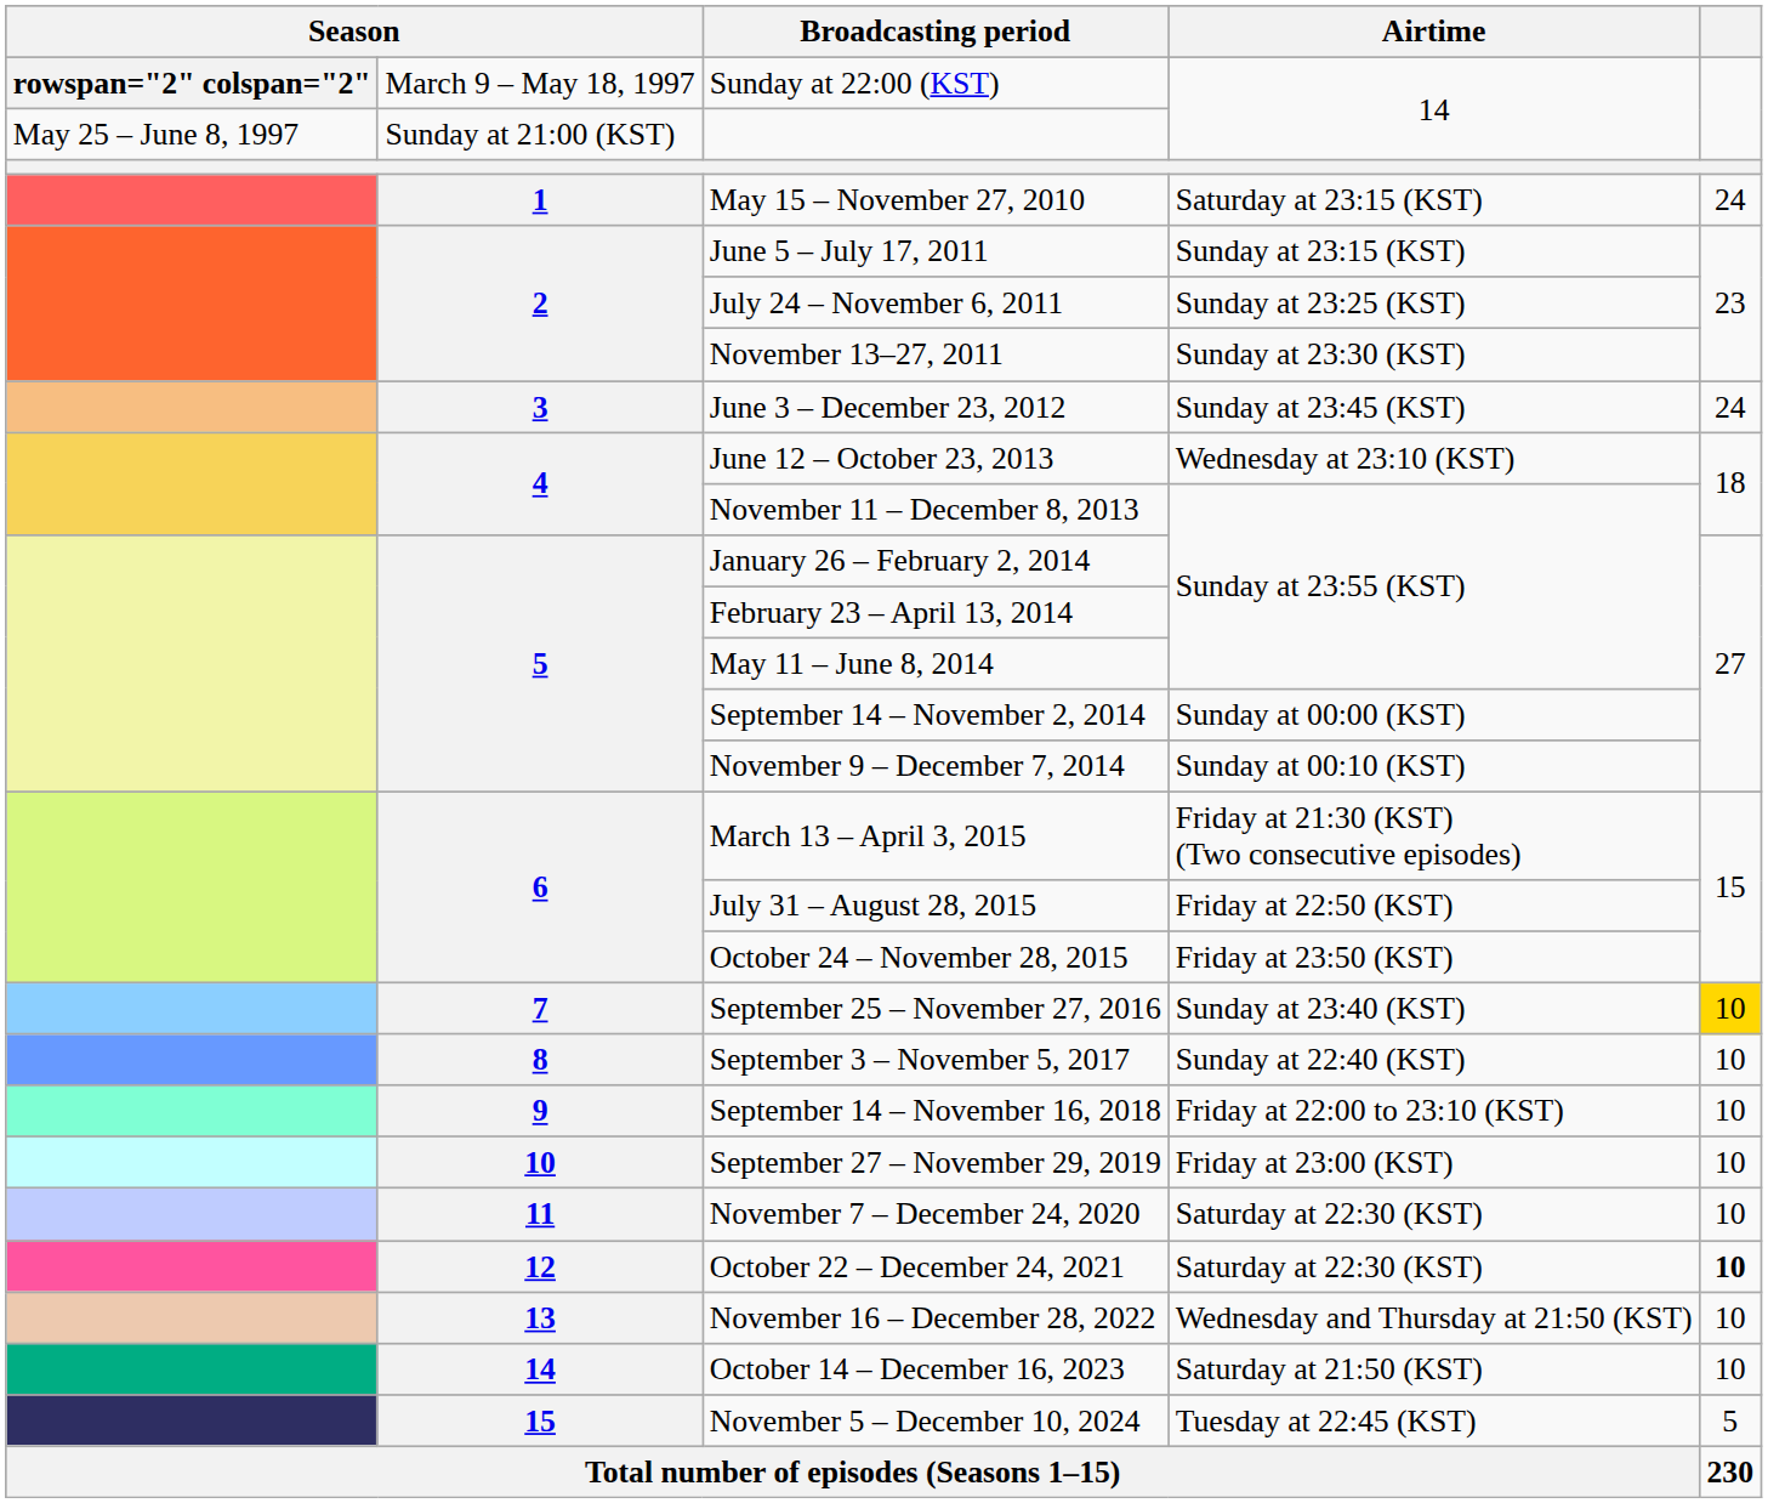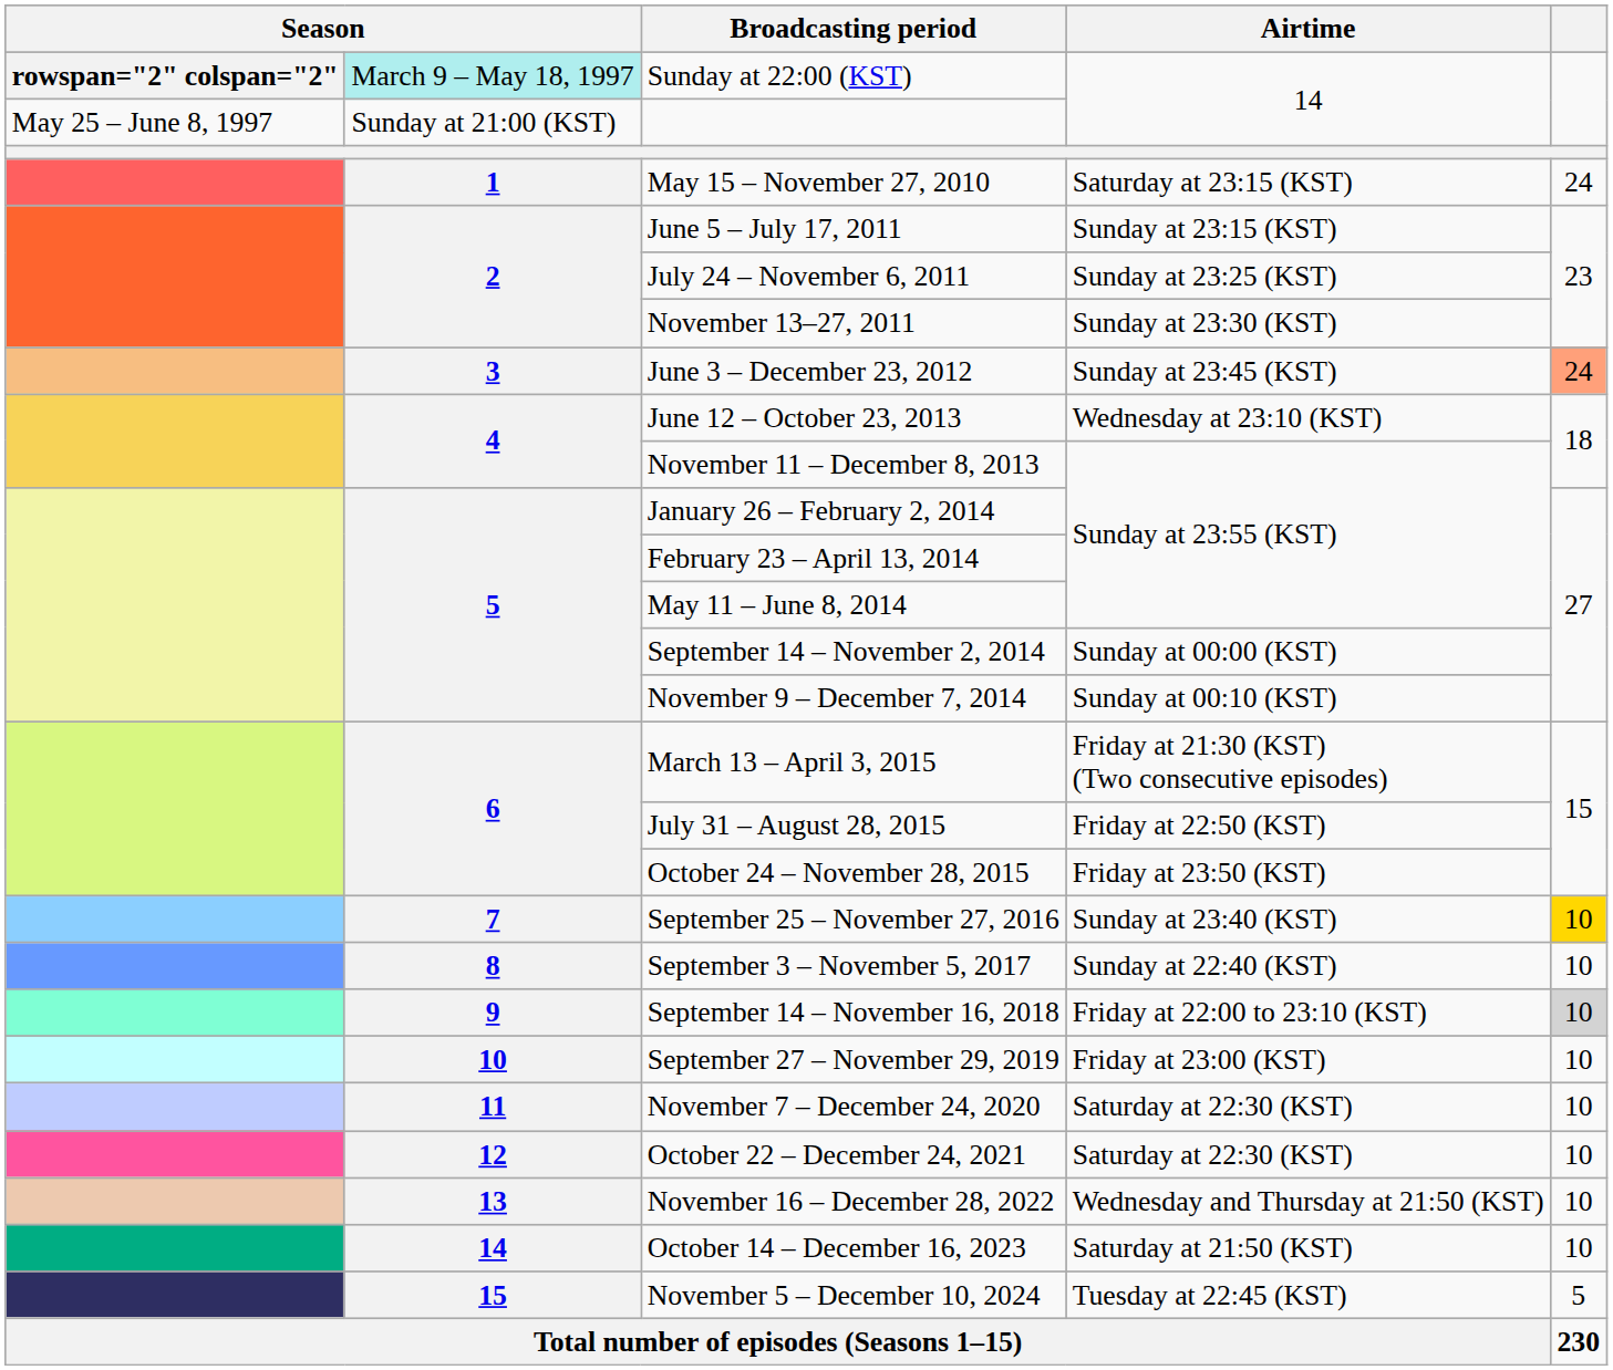 <table class="wikitable" style="font-size: 95%;">
 <tr>
 <th colspan="2">Season</th>
 <th>Broadcasting period</th>
 <th>Airtime</th>
 <th></th>
 </tr>
 <tr>
 <th>rowspan="2" colspan="2" </th>
-<td>March 9 – May 18, 1997</td>
+<td style="background: paleturquoise;">March 9 – May 18, 1997</td>
 <td>Sunday at 22:00 (<a href='#'>KST</a>)</td>
 <td rowspan="2" style="text-align:center">14</td>
 </tr>
 <tr>
 <td>May 25 – June 8, 1997</td>
 <td>Sunday at 21:00 (KST)</td>
 </tr>
 <tr>
 <th colspan="5"></th>
 </tr>
 <tr>
 <th style="background:#FF5F5F; height:10px;"></th>
 <th><a href='#'>1</a></th>
 <td>May 15 – November 27, 2010</td>
 <td>Saturday at 23:15 (KST)</td>
 <td style="text-align:center">24</td>
 </tr>
 <tr>
 <th style="background:#FE642E; height:10px;" rowspan="3"></th>
 <th rowspan="3"><a href='#'>2</a></th>
 <td>June 5 – July 17, 2011</td>
 <td>Sunday at 23:15 (KST)</td>
 <td rowspan="3" style="text-align:center">23</td>
 </tr>
 <tr>
 <td>July 24 – November 6, 2011</td>
 <td>Sunday at 23:25 (KST)</td>
 </tr>
 <tr>
 <td>November 13–27, 2011</td>
 <td>Sunday at 23:30 (KST)</td>
 </tr>
 <tr>
 <th style="background:#F7BE81; height:10px;"></th>
 <th><a href='#'>3</a></th>
 <td>June 3 – December 23, 2012</td>
 <td>Sunday at 23:45 (KST)</td>
-<td style="text-align:center">24</td>
+<td style="background: lightsalmon; text-align:center">24</td>
 </tr>
 <tr>
 <th style="background:#F7D358; height:10px;" rowspan="2"></th>
 <th rowspan="2"><a href='#'>4</a></th>
 <td>June 12 – October 23, 2013</td>
 <td>Wednesday at 23:10 (KST)</td>
 <td rowspan="2" style="text-align:center">18</td>
 </tr>
 <tr>
 <td>November 11 – December 8, 2013</td>
 <td rowspan="4">Sunday at 23:55 (KST)</td>
 </tr>
 <tr>
 <th style="background:#F2F5A9; height:10px;" rowspan="5"></th>
 <th rowspan="5"><a href='#'>5</a></th>
 <td>January 26 – February 2, 2014</td>
 <td rowspan="5" style="text-align:center">27</td>
 </tr>
 <tr>
 <td>February 23 – April 13, 2014</td>
 </tr>
 <tr>
 <td>May 11 – June 8, 2014</td>
 </tr>
 <tr>
 <td>September 14 – November 2, 2014</td>
 <td>Sunday at 00:00 (KST)</td>
 </tr>
 <tr>
 <td>November 9 – December 7, 2014</td>
 <td>Sunday at 00:10 (KST)</td>
 </tr>
 <tr>
 <th style="background:#D8F781; height:10px;" rowspan="3"></th>
 <th rowspan="3"><a href='#'>6</a></th>
 <td>March 13 – April 3, 2015</td>
 <td>Friday at 21:30 (KST)<br>(Two consecutive episodes)</td>
 <td rowspan="3" style="text-align:center">15</td>
 </tr>
 <tr>
 <td>July 31 – August 28, 2015</td>
 <td>Friday at 22:50 (KST)</td>
 </tr>
 <tr>
 <td>October 24 – November 28, 2015</td>
 <td>Friday at 23:50 (KST)</td>
 </tr>
 <tr>
 <th style="background:#8BCFFF; height:10px;"></th>
 <th><a href='#'>7</a></th>
 <td>September 25 – November 27, 2016</td>
 <td>Sunday at 23:40 (KST)</td>
 <td style="background: gold; text-align:center">10</td>
 </tr>
 <tr>
 <th style="background:#6799FF; height:10px;"></th>
 <th><a href='#'>8</a></th>
 <td>September 3 – November 5, 2017</td>
 <td>Sunday at 22:40 (KST)</td>
 <td style="text-align:center">10</td>
 </tr>
 <tr>
 <th style="background:#7FFFD4; height:10px;"></th>
 <th><a href='#'>9</a></th>
 <td>September 14 – November 16, 2018</td>
 <td>Friday at 22:00 to 23:10 (KST)</td>
-<td style="text-align:center">10</td>
+<td style="background: lightgrey; text-align:center">10</td>
 </tr>
 <tr>
 <th style="background:#C2FFFF; height:10px;"></th>
 <th><a href='#'>10</a></th>
 <td>September 27 – November 29, 2019</td>
 <td>Friday at 23:00 (KST)</td>
 <td style="text-align:center">10</td>
 </tr>
 <tr>
 <th style="background:#BFCCFF; height:10px;"></th>
 <th><a href='#'>11</a></th>
 <td>November 7 – December 24, 2020</td>
 <td>Saturday at 22:30 (KST)</td>
 <td style="text-align:center">10</td>
 </tr>
 <tr>
 <th style="background:#FF549F; height:10px;"></th>
 <th><a href='#'>12</a></th>
 <td>October 22 – December 24, 2021</td>
 <td>Saturday at 22:30 (KST)</td>
-<td style="text-align:center"><strong>10</strong></td>
+<td style="text-align:center">10</td>
 </tr>
 <tr>
 <th style="background:#EDC9AF; height:10px;"></th>
 <th><a href='#'>13</a></th>
 <td>November 16 – December 28, 2022</td>
 <td>Wednesday and Thursday at 21:50 (KST)</td>
 <td style="text-align:center">10</td>
 </tr>
 <tr>
 <th style="background:#00AD83; height:10px;"></th>
 <th><a href='#'>14</a></th>
 <td>October 14 – December 16, 2023</td>
 <td>Saturday at 21:50 (KST)</td>
 <td style="text-align:center">10</td>
 </tr>
 <tr>
 <th style="background:#2E2E62; height:10px;"></th>
 <th><a href='#'>15</a></th>
 <td>November 5 – December 10, 2024</td>
 <td>Tuesday at 22:45 (KST)</td>
 <td style="text-align:center">5</td>
 </tr>
 <tr>
 <th colspan="4">Total number of episodes (Seasons 1–15)</th>
 <td style="text-align:center"><strong>230</strong></td>
 </tr>
 </table>
